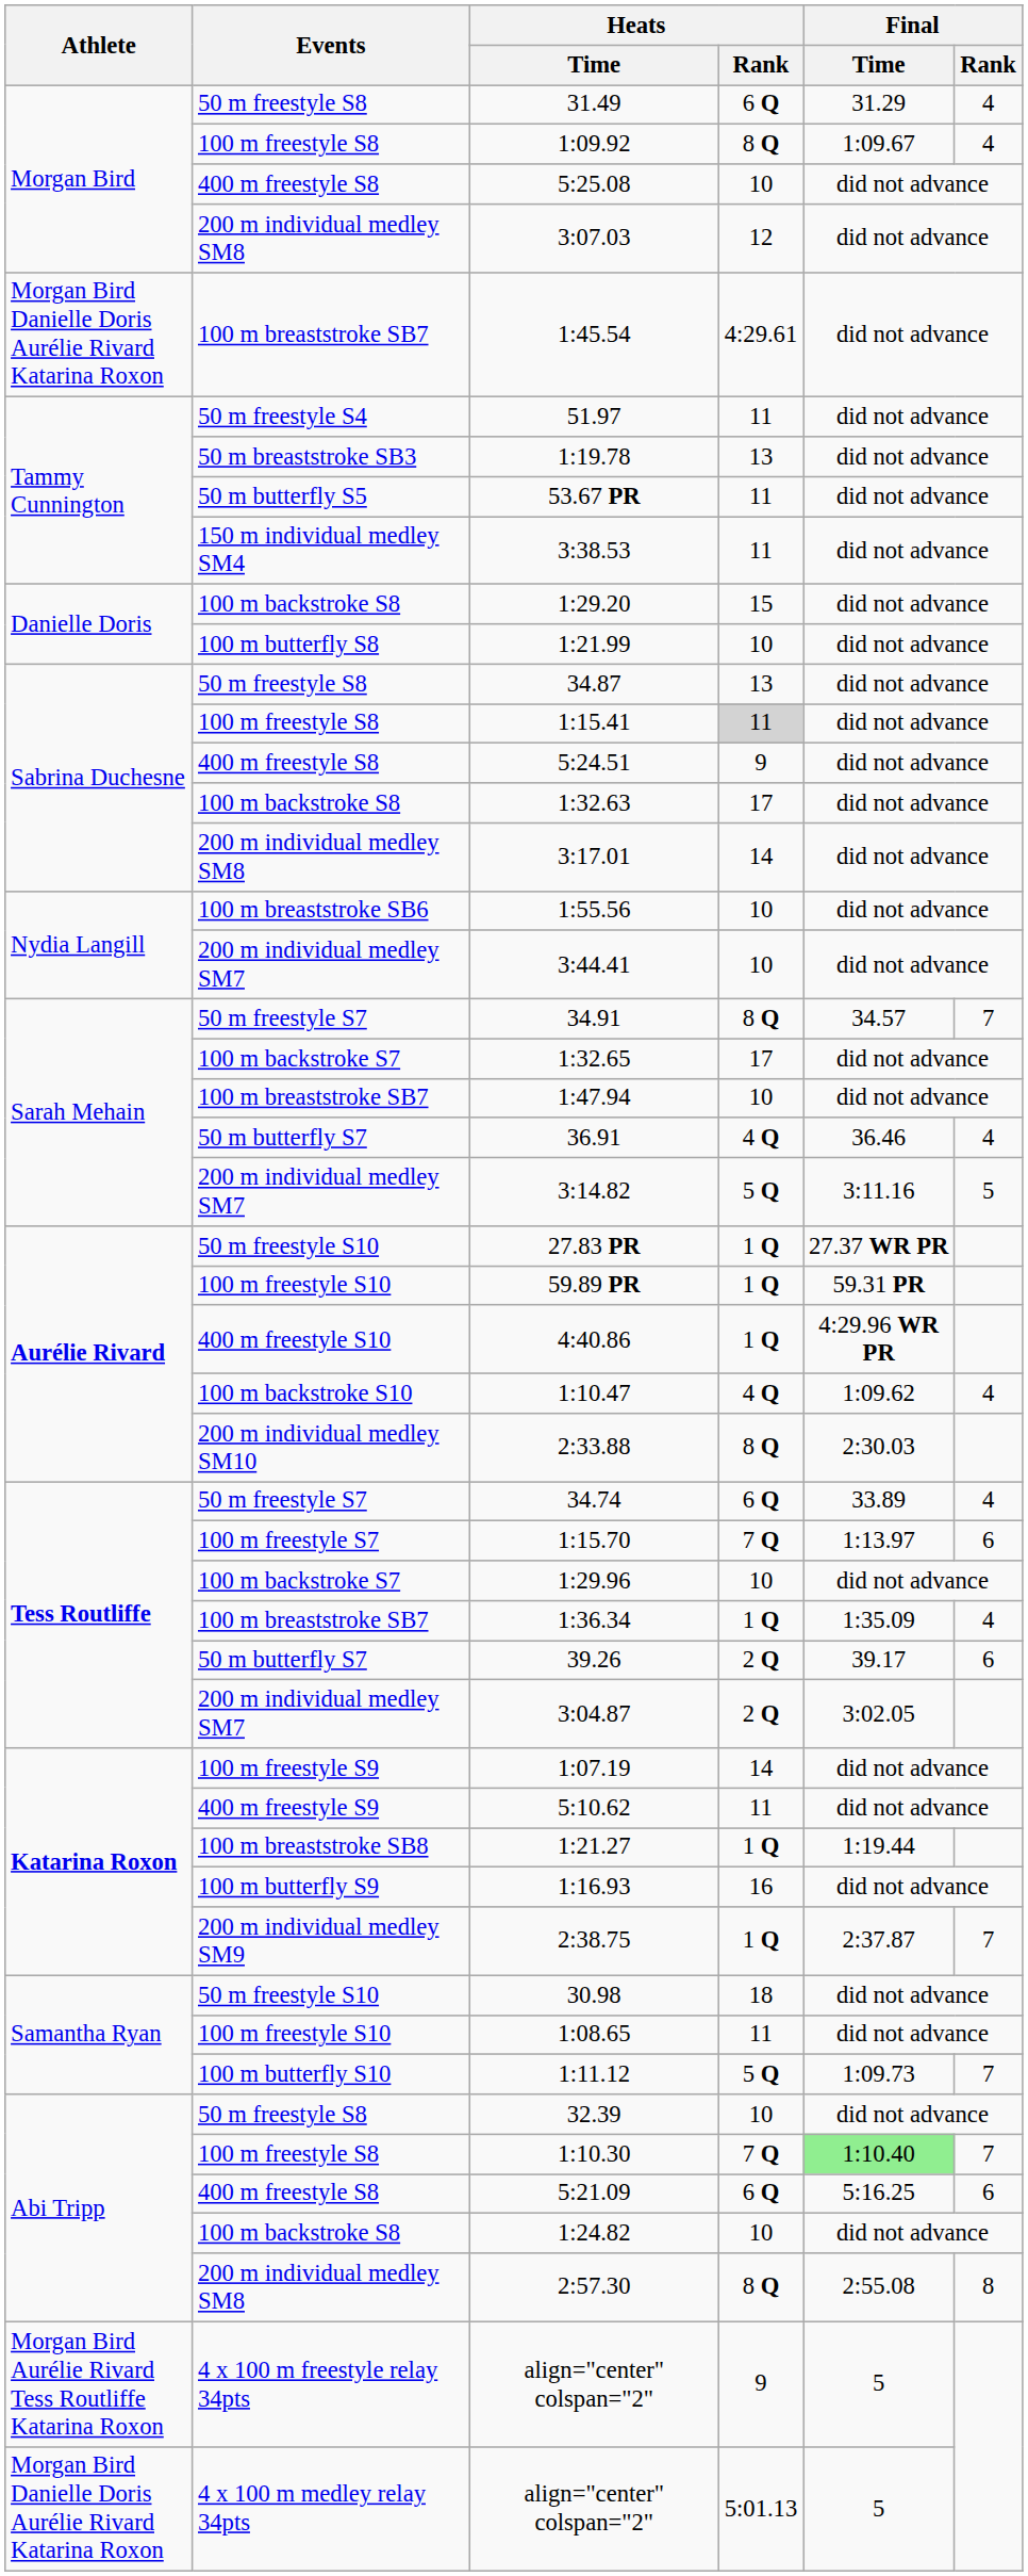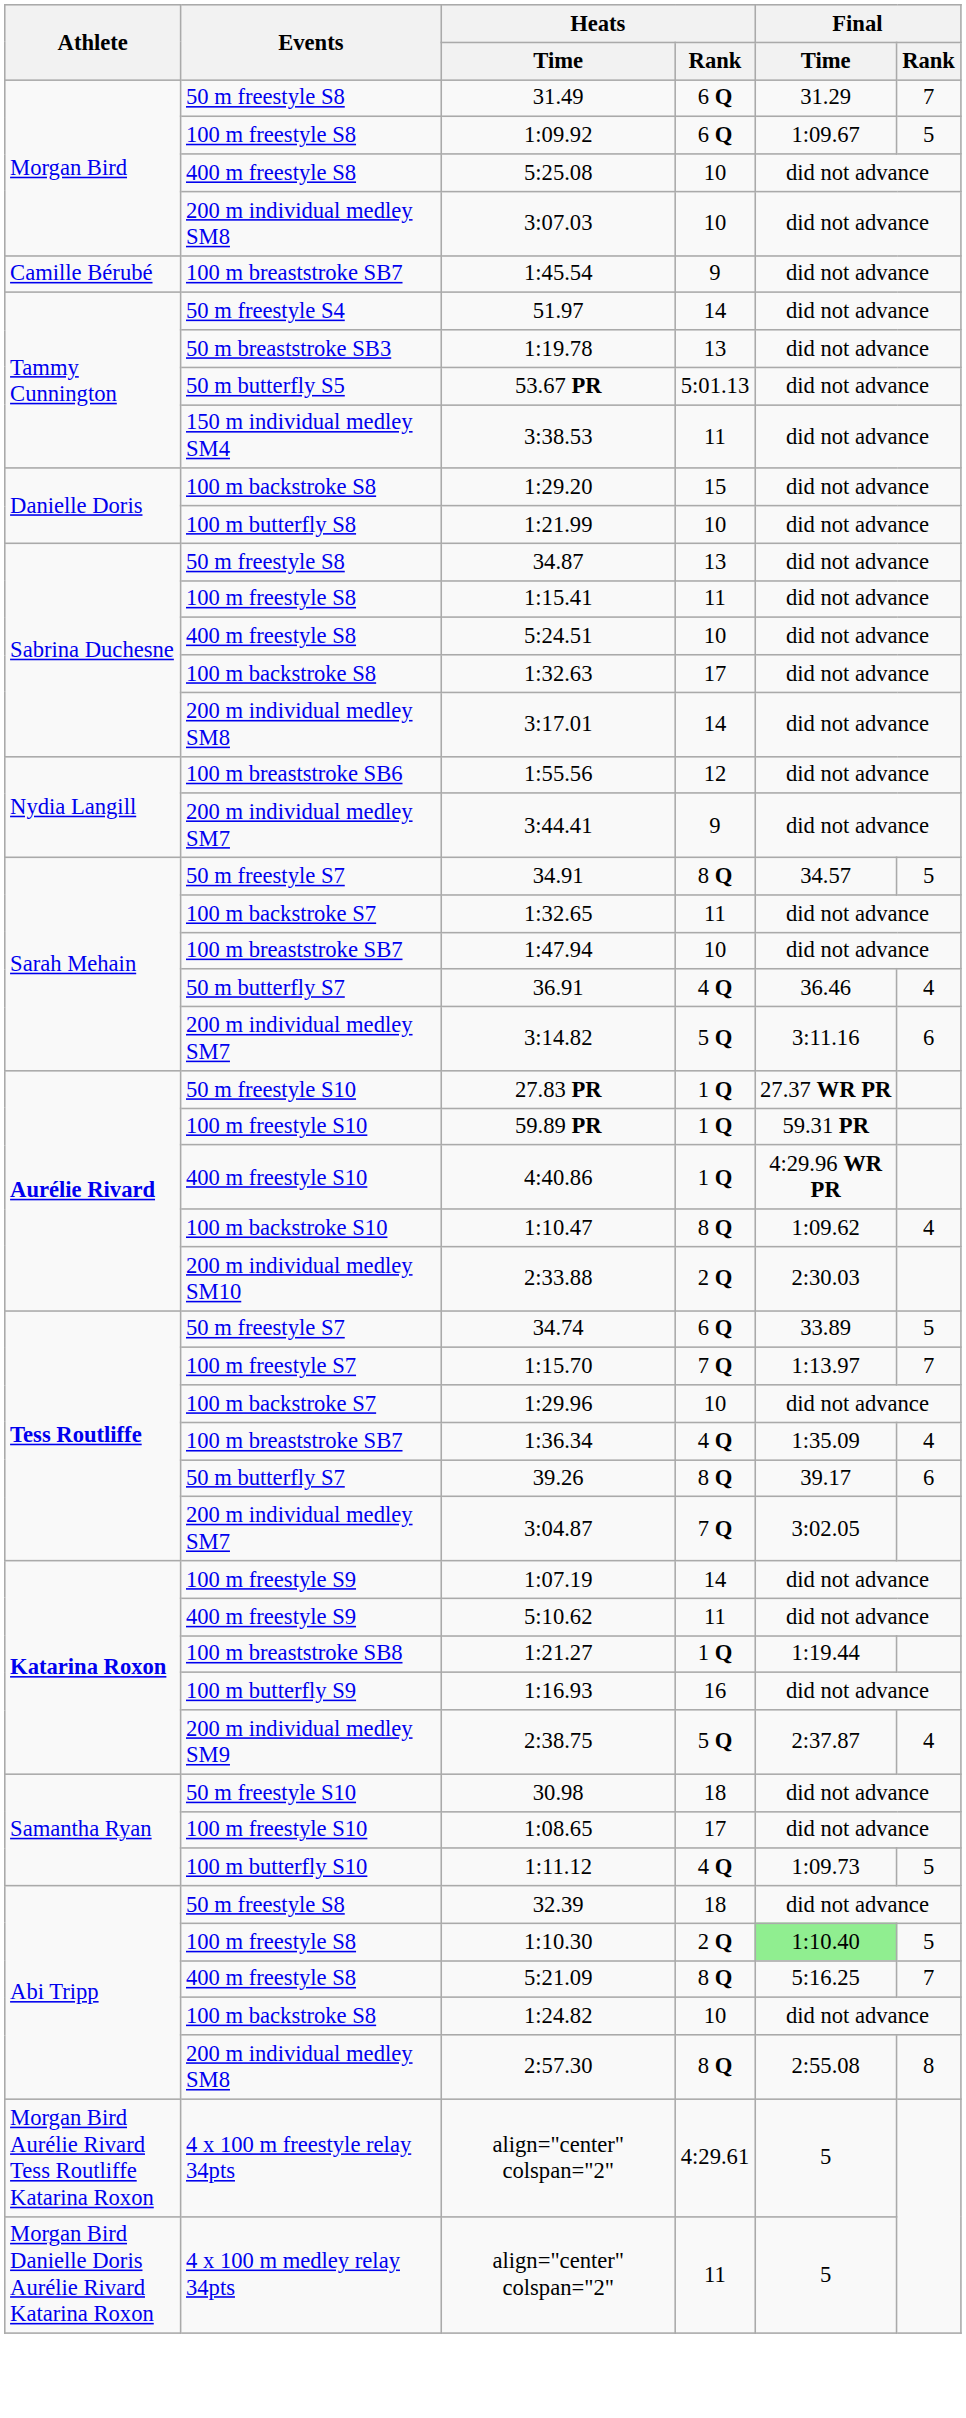 <table class=wikitable style="font-size:90%">
 <tr>
 <th rowspan="2">Athlete</th>
 <th rowspan="2">Events</th>
 <th colspan="2">Heats</th>
 <th colspan="2">Final</th>
 </tr>
 <tr>
 <th>Time</th>
 <th>Rank</th>
 <th>Time</th>
 <th>Rank</th>
 </tr>
 <tr>
 <td rowspan="4"><a href='#'>Morgan Bird</a></td>
 <td><a href='#'>50 m freestyle S8</a></td>
 <td align="center">31.49</td>
 <td align="center">6 <strong>Q</strong></td>
 <td align="center">31.29</td>
-<td align="center">4</td>
+<td align="center">7</td>
 </tr>
 <tr>
 <td><a href='#'>100 m freestyle S8</a></td>
 <td align="center">1:09.92</td>
-<td align="center">8 <strong>Q</strong></td>
+<td align="center">6 <strong>Q</strong></td>
 <td align="center">1:09.67</td>
-<td align="center">4</td>
+<td align="center">5</td>
 </tr>
 <tr>
 <td><a href='#'>400 m freestyle S8</a></td>
 <td align="center">5:25.08</td>
 <td align="center">10</td>
 <td align="center" colspan="2">did not advance</td>
 </tr>
 <tr>
 <td><a href='#'>200 m individual medley SM8</a></td>
 <td align="center">3:07.03</td>
-<td align="center">12</td>
+<td align="center">10</td>
 <td align="center" colspan="2">did not advance</td>
 </tr>
 <tr>
-<td align=left><a href='#'>Morgan Bird</a><br><a href='#'>Danielle Doris</a><br><a href='#'>Aurélie Rivard</a><br><a href='#'>Katarina Roxon</a></td>
+<td><a href='#'>Camille Bérubé</a></td>
 <td><a href='#'>100 m breaststroke SB7</a></td>
 <td align="center">1:45.54</td>
-<td align="center">4:29.61</td>
+<td align="center">9</td>
 <td align="center" colspan="2">did not advance</td>
 </tr>
 <tr>
 <td rowspan="4"><a href='#'>Tammy Cunnington</a></td>
 <td><a href='#'>50 m freestyle S4</a></td>
 <td align="center">51.97</td>
-<td align="center">11</td>
+<td align="center">14</td>
 <td align="center" colspan="2">did not advance</td>
 </tr>
 <tr>
 <td><a href='#'>50 m breaststroke SB3</a></td>
 <td align="center">1:19.78</td>
 <td align="center">13</td>
 <td align="center" colspan="2">did not advance</td>
 </tr>
 <tr>
 <td><a href='#'>50 m butterfly S5</a></td>
 <td align="center">53.67 <strong>PR</strong></td>
-<td align="center">11</td>
+<td align="center">5:01.13</td>
 <td align="center" colspan="2">did not advance</td>
 </tr>
 <tr>
 <td><a href='#'>150 m individual medley SM4</a></td>
 <td align="center">3:38.53</td>
 <td align="center">11</td>
 <td align="center" colspan="2">did not advance</td>
 </tr>
 <tr>
 <td rowspan="2"><a href='#'>Danielle Doris</a></td>
 <td><a href='#'>100 m backstroke S8</a></td>
 <td align="center">1:29.20</td>
 <td align="center">15</td>
 <td align="center" colspan="2">did not advance</td>
 </tr>
 <tr>
 <td><a href='#'>100 m butterfly S8</a></td>
 <td align="center">1:21.99</td>
 <td align="center">10</td>
 <td align="center" colspan="2">did not advance</td>
 </tr>
 <tr>
 <td rowspan="5"><a href='#'>Sabrina Duchesne</a></td>
 <td><a href='#'>50 m freestyle S8</a></td>
 <td align="center">34.87</td>
 <td align="center">13</td>
 <td align="center" colspan="2">did not advance</td>
 </tr>
 <tr>
 <td><a href='#'>100 m freestyle S8</a></td>
 <td align="center">1:15.41</td>
-<td align="center" style="background: lightgrey;">11</td>
+<td align="center">11</td>
 <td align="center" colspan="2">did not advance</td>
 </tr>
 <tr>
 <td><a href='#'>400 m freestyle S8</a></td>
 <td align="center">5:24.51</td>
-<td align="center">9</td>
+<td align="center">10</td>
 <td align="center" colspan="2">did not advance</td>
 </tr>
 <tr>
 <td><a href='#'>100 m backstroke S8</a></td>
 <td align="center">1:32.63</td>
 <td align="center">17</td>
 <td align="center" colspan="2">did not advance</td>
 </tr>
 <tr>
 <td><a href='#'>200 m individual medley SM8</a></td>
 <td align="center">3:17.01</td>
 <td align="center">14</td>
 <td align="center" colspan="2">did not advance</td>
 </tr>
 <tr>
 <td rowspan="2"><a href='#'>Nydia Langill</a></td>
 <td><a href='#'>100 m breaststroke SB6</a></td>
 <td align="center">1:55.56</td>
-<td align="center">10</td>
+<td align="center">12</td>
 <td align="center" colspan="2">did not advance</td>
 </tr>
 <tr>
 <td><a href='#'>200 m individual medley SM7</a></td>
 <td align="center">3:44.41</td>
-<td align="center">10</td>
+<td align="center">9</td>
 <td align="center" colspan="2">did not advance</td>
 </tr>
 <tr>
 <td rowspan="5"><a href='#'>Sarah Mehain</a></td>
 <td><a href='#'>50 m freestyle S7</a></td>
 <td align="center">34.91</td>
 <td align="center">8 <strong>Q</strong></td>
 <td align="center">34.57</td>
-<td align="center">7</td>
+<td align="center">5</td>
 </tr>
 <tr>
 <td><a href='#'>100 m backstroke S7</a></td>
 <td align="center">1:32.65</td>
-<td align="center">17</td>
+<td align="center">11</td>
 <td align="center" colspan="2">did not advance</td>
 </tr>
 <tr>
 <td><a href='#'>100 m breaststroke SB7</a></td>
 <td align="center">1:47.94</td>
 <td align="center">10</td>
 <td align="center" colspan="2">did not advance</td>
 </tr>
 <tr>
 <td><a href='#'>50 m butterfly S7</a></td>
 <td align="center">36.91</td>
 <td align="center">4 <strong>Q</strong></td>
 <td align="center">36.46</td>
 <td align="center">4</td>
 </tr>
 <tr>
 <td><a href='#'>200 m individual medley SM7</a></td>
 <td align="center">3:14.82</td>
 <td align="center">5 <strong>Q</strong></td>
 <td align="center">3:11.16</td>
-<td align="center">5</td>
+<td align="center">6</td>
 </tr>
 <tr>
 <td rowspan="5"><strong><a href='#'>Aurélie Rivard</a></strong></td>
 <td><a href='#'>50 m freestyle S10</a></td>
 <td align="center">27.83 <strong>PR</strong></td>
 <td align="center">1 <strong>Q</strong></td>
 <td align="center">27.37 <strong>WR</strong> <strong>PR</strong></td>
 <td align="center"></td>
 </tr>
 <tr>
 <td><a href='#'>100 m freestyle S10</a></td>
 <td align="center">59.89 <strong>PR</strong></td>
 <td align="center">1 <strong>Q</strong></td>
 <td align="center">59.31 <strong>PR</strong></td>
 <td align="center"></td>
 </tr>
 <tr>
 <td><a href='#'>400 m freestyle S10</a></td>
 <td align="center">4:40.86</td>
 <td align="center">1 <strong>Q</strong></td>
 <td align="center">4:29.96 <strong>WR</strong> <strong>PR</strong></td>
 <td align="center"></td>
 </tr>
 <tr>
 <td><a href='#'>100 m backstroke S10</a></td>
 <td align="center">1:10.47</td>
-<td align="center">4 <strong>Q</strong></td>
+<td align="center">8 <strong>Q</strong></td>
 <td align="center">1:09.62</td>
 <td align="center">4</td>
 </tr>
 <tr>
 <td><a href='#'>200 m individual medley SM10</a></td>
 <td align="center">2:33.88</td>
-<td align="center">8 <strong>Q</strong></td>
+<td align="center">2 <strong>Q</strong></td>
 <td align="center">2:30.03</td>
 <td align="center"></td>
 </tr>
 <tr>
 <td rowspan="6"><strong><a href='#'>Tess Routliffe</a></strong></td>
 <td><a href='#'>50 m freestyle S7</a></td>
 <td align="center">34.74</td>
 <td align="center">6 <strong>Q</strong></td>
 <td align="center">33.89</td>
-<td align="center">4</td>
+<td align="center">5</td>
 </tr>
 <tr>
 <td><a href='#'>100 m freestyle S7</a></td>
 <td align="center">1:15.70</td>
 <td align="center">7 <strong>Q</strong></td>
 <td align="center">1:13.97</td>
-<td align="center">6</td>
+<td align="center">7</td>
 </tr>
 <tr>
 <td><a href='#'>100 m backstroke S7</a></td>
 <td align="center">1:29.96</td>
 <td align="center">10</td>
 <td align="center" colspan="2">did not advance</td>
 </tr>
 <tr>
 <td><a href='#'>100 m breaststroke SB7</a></td>
 <td align="center">1:36.34</td>
-<td align="center">1 <strong>Q</strong></td>
+<td align="center">4 <strong>Q</strong></td>
 <td align="center">1:35.09</td>
 <td align="center">4</td>
 </tr>
 <tr>
 <td><a href='#'>50 m butterfly S7</a></td>
 <td align="center">39.26</td>
-<td align="center">2 <strong>Q</strong></td>
+<td align="center">8 <strong>Q</strong></td>
 <td align="center">39.17</td>
 <td align="center">6</td>
 </tr>
 <tr>
 <td><a href='#'>200 m individual medley SM7</a></td>
 <td align="center">3:04.87</td>
-<td align="center">2 <strong>Q</strong></td>
+<td align="center">7 <strong>Q</strong></td>
 <td align="center">3:02.05</td>
 <td align="center"></td>
 </tr>
 <tr>
 <td rowspan="5"><strong><a href='#'>Katarina Roxon</a></strong></td>
 <td><a href='#'>100 m freestyle S9</a></td>
 <td align="center">1:07.19</td>
 <td align="center">14</td>
 <td align="center" colspan="2">did not advance</td>
 </tr>
 <tr>
 <td><a href='#'>400 m freestyle S9</a></td>
 <td align="center">5:10.62</td>
 <td align="center">11</td>
 <td align="center" colspan="2">did not advance</td>
 </tr>
 <tr>
 <td><a href='#'>100 m breaststroke SB8</a></td>
 <td align="center">1:21.27</td>
 <td align="center">1 <strong>Q</strong></td>
 <td align="center">1:19.44</td>
 <td align="center"></td>
 </tr>
 <tr>
 <td><a href='#'>100 m butterfly S9</a></td>
 <td align="center">1:16.93</td>
 <td align="center">16</td>
 <td align="center" colspan="2">did not advance</td>
 </tr>
 <tr>
 <td><a href='#'>200 m individual medley SM9</a></td>
 <td align="center">2:38.75</td>
-<td align="center">1 <strong>Q</strong></td>
+<td align="center">5 <strong>Q</strong></td>
 <td align="center">2:37.87</td>
-<td align="center">7</td>
+<td align="center">4</td>
 </tr>
 <tr>
 <td rowspan="3"><a href='#'>Samantha Ryan</a></td>
 <td><a href='#'>50 m freestyle S10</a></td>
 <td align="center">30.98</td>
 <td align="center">18</td>
 <td align="center" colspan="2">did not advance</td>
 </tr>
 <tr>
 <td><a href='#'>100 m freestyle S10</a></td>
 <td align="center">1:08.65</td>
-<td align="center">11</td>
+<td align="center">17</td>
 <td align="center" colspan="2">did not advance</td>
 </tr>
 <tr>
 <td><a href='#'>100 m butterfly S10</a></td>
 <td align="center">1:11.12</td>
-<td align="center">5 <strong>Q</strong></td>
+<td align="center">4 <strong>Q</strong></td>
 <td align="center">1:09.73</td>
-<td align="center">7</td>
+<td align="center">5</td>
 </tr>
 <tr>
 <td rowspan="5"><a href='#'>Abi Tripp</a></td>
 <td><a href='#'>50 m freestyle S8</a></td>
 <td align="center">32.39</td>
-<td align="center">10</td>
+<td align="center">18</td>
 <td align="center" colspan="2">did not advance</td>
 </tr>
 <tr>
 <td><a href='#'>100 m freestyle S8</a></td>
 <td align="center">1:10.30</td>
-<td align="center">7 <strong>Q</strong></td>
+<td align="center">2 <strong>Q</strong></td>
 <td align="center" style="background: lightgreen;">1:10.40</td>
-<td align="center">7</td>
+<td align="center">5</td>
 </tr>
 <tr>
 <td><a href='#'>400 m freestyle S8</a></td>
 <td align="center">5:21.09</td>
-<td align="center">6 <strong>Q</strong></td>
+<td align="center">8 <strong>Q</strong></td>
 <td align="center">5:16.25</td>
-<td align="center">6</td>
+<td align="center">7</td>
 </tr>
 <tr>
 <td><a href='#'>100 m backstroke S8</a></td>
 <td align="center">1:24.82</td>
 <td align="center">10</td>
 <td align="center" colspan="2">did not advance</td>
 </tr>
 <tr>
 <td><a href='#'>200 m individual medley SM8</a></td>
 <td align="center">2:57.30</td>
 <td align="center">8 <strong>Q</strong></td>
 <td align="center">2:55.08</td>
 <td align="center">8</td>
 </tr>
 <tr align=center>
 <td align=left><a href='#'>Morgan Bird</a><br><a href='#'>Aurélie Rivard</a><br><a href='#'>Tess Routliffe</a><br><a href='#'>Katarina Roxon</a></td>
 <td align=left><a href='#'>4 x 100 m freestyle relay 34pts</a></td>
 <td>align="center" colspan="2" </td>
-<td align="center">9</td>
+<td align="center">4:29.61</td>
 <td align="center">5</td>
 </tr>
 <tr align=center>
 <td align=left><a href='#'>Morgan Bird</a><br><a href='#'>Danielle Doris</a><br><a href='#'>Aurélie Rivard</a><br><a href='#'>Katarina Roxon</a></td>
 <td align=left><a href='#'>4 x 100 m medley relay 34pts</a></td>
 <td>align="center" colspan="2" </td>
-<td align="center">5:01.13</td>
+<td align="center">11</td>
 <td align="center">5</td>
 </tr>
 </table>
